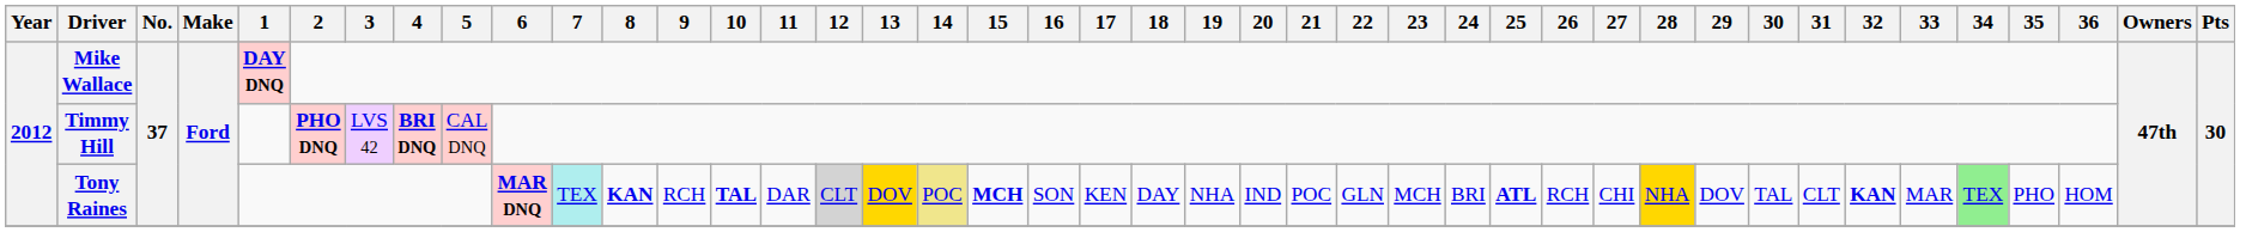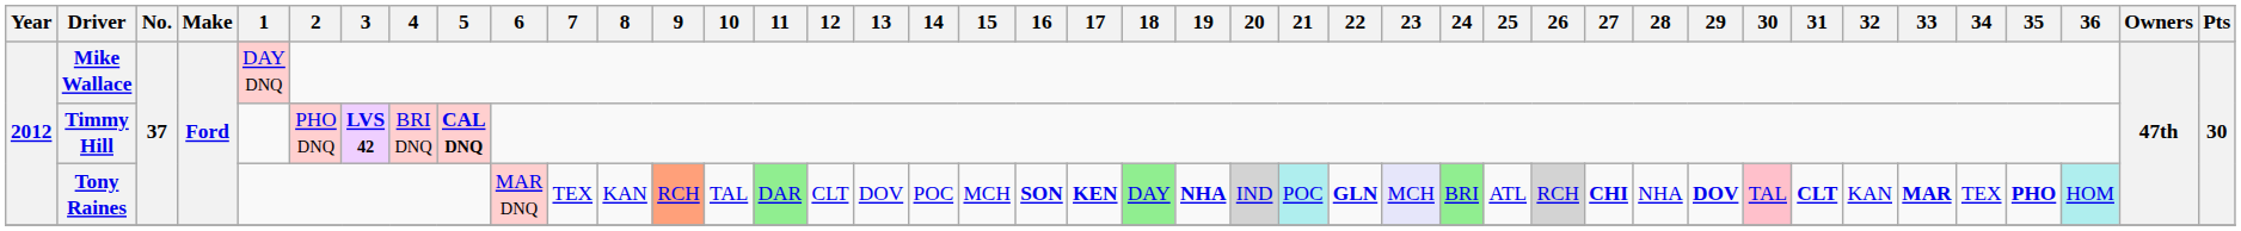 <table class="wikitable" style="text-align:center; font-size:75%">
 <tr>
 <th>Year</th>
 <th>Driver</th>
 <th>No.</th>
 <th>Make</th>
 <th>1</th>
 <th>2</th>
 <th>3</th>
 <th>4</th>
 <th>5</th>
 <th>6</th>
 <th>7</th>
 <th>8</th>
 <th>9</th>
 <th>10</th>
 <th>11</th>
 <th>12</th>
 <th>13</th>
 <th>14</th>
 <th>15</th>
 <th>16</th>
 <th>17</th>
 <th>18</th>
 <th>19</th>
 <th>20</th>
 <th>21</th>
 <th>22</th>
 <th>23</th>
 <th>24</th>
 <th>25</th>
 <th>26</th>
 <th>27</th>
 <th>28</th>
 <th>29</th>
 <th>30</th>
 <th>31</th>
 <th>32</th>
 <th>33</th>
 <th>34</th>
 <th>35</th>
 <th>36</th>
 <th>Owners</th>
 <th>Pts</th>
 </tr>
 <tr>
 <th rowspan=3><a href='#'>2012</a></th>
 <th><a href='#'>Mike Wallace</a></th>
 <th rowspan=3>37</th>
 <th rowspan=3><a href='#'>Ford</a></th>
-<td style="background:#FFCFCF;"><strong><a href='#'>DAY</a><br><small>DNQ</small></strong></td>
+<td style="background:#FFCFCF;"><a href='#'>DAY</a><br><small>DNQ</small></td>
 <td colspan=35></td>
 <th rowspan=3>47th</th>
 <th rowspan=3>30</th>
 </tr>
 <tr>
 <th><a href='#'>Timmy Hill</a></th>
 <td></td>
-<td style="background:#FFCFCF;"><strong><a href='#'>PHO</a><br><small>DNQ</small></strong></td>
-<td style="background:#EFCFFF;"><a href='#'>LVS</a><br><small>42</small></td>
-<td style="background:#FFCFCF;"><strong><a href='#'>BRI</a><br><small>DNQ</small></strong></td>
-<td style="background:#FFCFCF;"><a href='#'>CAL</a><br><small>DNQ</small></td>
+<td style="background:#FFCFCF;"><a href='#'>PHO</a><br><small>DNQ</small></td>
+<td style="background:#EFCFFF;"><strong><a href='#'>LVS</a><br><small>42</small></strong></td>
+<td style="background:#FFCFCF;"><a href='#'>BRI</a><br><small>DNQ</small></td>
+<td style="background:#FFCFCF;"><strong><a href='#'>CAL</a><br><small>DNQ</small></strong></td>
 <td colspan=31></td>
 </tr>
 <tr>
 <th><a href='#'>Tony Raines</a></th>
 <td colspan=5></td>
-<td style="background:#FFCFCF;"><strong><a href='#'>MAR</a><br><small>DNQ</small></strong></td>
-<td style="background: paleturquoise;"><a href='#'>TEX</a></td>
-<td><strong><a href='#'>KAN</a></strong></td>
-<td><a href='#'>RCH</a></td>
-<td><strong><a href='#'>TAL</a></strong></td>
-<td><a href='#'>DAR</a></td>
-<td style="background: lightgrey;"><a href='#'>CLT</a></td>
-<td style="background: gold;"><a href='#'>DOV</a></td>
-<td style="background: khaki;"><a href='#'>POC</a></td>
-<td><strong><a href='#'>MCH</a></strong></td>
-<td><a href='#'>SON</a></td>
-<td><a href='#'>KEN</a></td>
-<td><a href='#'>DAY</a></td>
+<td style="background:#FFCFCF;"><a href='#'>MAR</a><br><small>DNQ</small></td>
+<td><a href='#'>TEX</a></td>
+<td><a href='#'>KAN</a></td>
+<td style="background: lightsalmon;"><a href='#'>RCH</a></td>
+<td><a href='#'>TAL</a></td>
+<td style="background: lightgreen;"><a href='#'>DAR</a></td>
+<td><a href='#'>CLT</a></td>
+<td><a href='#'>DOV</a></td>
+<td><a href='#'>POC</a></td>
+<td><a href='#'>MCH</a></td>
+<td><strong><a href='#'>SON</a></strong></td>
+<td><strong><a href='#'>KEN</a></strong></td>
+<td style="background: lightgreen;"><a href='#'>DAY</a></td>
+<td><strong><a href='#'>NHA</a></strong></td>
+<td style="background: lightgrey;"><a href='#'>IND</a></td>
+<td style="background: paleturquoise;"><a href='#'>POC</a></td>
+<td><strong><a href='#'>GLN</a></strong></td>
+<td style="background: lavender;"><a href='#'>MCH</a></td>
+<td style="background: lightgreen;"><a href='#'>BRI</a></td>
+<td><a href='#'>ATL</a></td>
+<td style="background: lightgrey;"><a href='#'>RCH</a></td>
+<td><strong><a href='#'>CHI</a></strong></td>
 <td><a href='#'>NHA</a></td>
-<td><a href='#'>IND</a></td>
-<td><a href='#'>POC</a></td>
-<td><a href='#'>GLN</a></td>
-<td><a href='#'>MCH</a></td>
-<td><a href='#'>BRI</a></td>
-<td><strong><a href='#'>ATL</a></strong></td>
-<td><a href='#'>RCH</a></td>
-<td><a href='#'>CHI</a></td>
-<td style="background: gold;"><a href='#'>NHA</a></td>
-<td><a href='#'>DOV</a></td>
-<td><a href='#'>TAL</a></td>
-<td><a href='#'>CLT</a></td>
-<td><strong><a href='#'>KAN</a></strong></td>
-<td><a href='#'>MAR</a></td>
-<td style="background: lightgreen;"><a href='#'>TEX</a></td>
-<td><a href='#'>PHO</a></td>
-<td><a href='#'>HOM</a></td>
+<td><strong><a href='#'>DOV</a></strong></td>
+<td style="background: pink;"><a href='#'>TAL</a></td>
+<td><strong><a href='#'>CLT</a></strong></td>
+<td><a href='#'>KAN</a></td>
+<td><strong><a href='#'>MAR</a></strong></td>
+<td><a href='#'>TEX</a></td>
+<td><strong><a href='#'>PHO</a></strong></td>
+<td style="background: paleturquoise;"><a href='#'>HOM</a></td>
 </tr>
 <tr>
 </tr>
 </table>
